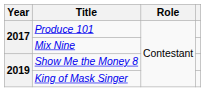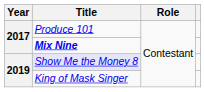 <table class="wikitable plainrowheaders">
 <tr>
 <th scope="col">Year</th>
 <th scope="col">Title</th>
 <th scope="col">Role</th>
 <th scope="col" class="unsortable"></th>
 </tr>
 <tr>
 <th scope="row" rowspan="2">2017</th>
 <td><em><a href='#'>Produce 101</a></em></td>
 <td rowspan="4">Contestant</td>
 <td></td>
 </tr>
 <tr>
-<td><em><a href='#'>Mix Nine</a></em></td>
+<td><strong><em><a href='#'>Mix Nine</a></em></strong></td>
 <td></td>
 </tr>
 <tr>
 <th scope="row" rowspan="2">2019</th>
-<td><em><a href='#'>Show Me the Money 8</a></em></td>
+<td style="background: lavender;"><em><a href='#'>Show Me the Money 8</a></em></td>
 <td></td>
 </tr>
 <tr>
 <td><em><a href='#'>King of Mask Singer</a></em></td>
 <td></td>
 </tr>
 </table>
